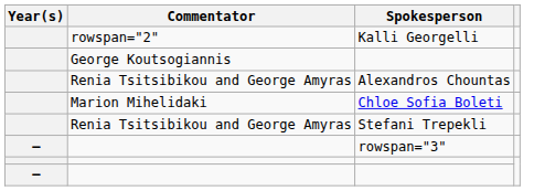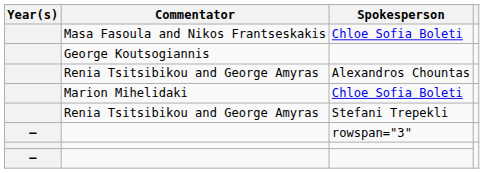 <table class="wikitable sortable plainrowheaders">
 <tr>
 <th>Year(s)</th>
 <th>Commentator</th>
 <th>Spokesperson</th>
 <th class="unsortable"></th>
 </tr>
 <tr>
 <th scope="row"></th>
-<td>rowspan="2" </td>
-<td>Kalli Georgelli</td>
+<td>Masa Fasoula and Nikos Frantseskakis</td>
+<td><a href='#'>Chloe Sofia Boleti</a></td>
 <td></td>
 </tr>
 <tr>
 <th scope="row"></th>
 <td>George Koutsogiannis</td>
 <td></td>
 </tr>
 <tr>
 <th scope="row"></th>
 <td>Renia Tsitsibikou and George Amyras</td>
 <td>Alexandros Chountas</td>
 <td></td>
 </tr>
 <tr>
 <th scope="row"></th>
 <td>Marion Mihelidaki</td>
 <td><a href='#'>Chloe Sofia Boleti</a></td>
 <td></td>
 </tr>
 <tr>
 <th scope="row"></th>
 <td>Renia Tsitsibikou and George Amyras</td>
 <td>Stefani Trepekli</td>
 <td></td>
 </tr>
 <tr>
 <th scope="row">–</th>
 <td></td>
 <td>rowspan="3" </td>
 <td></td>
 </tr>
 <tr>
 <th scope="row"></th>
 <td></td>
 <td></td>
 </tr>
 <tr>
 <th scope="row">–</th>
 <td></td>
 <td></td>
 </tr>
 </table>
